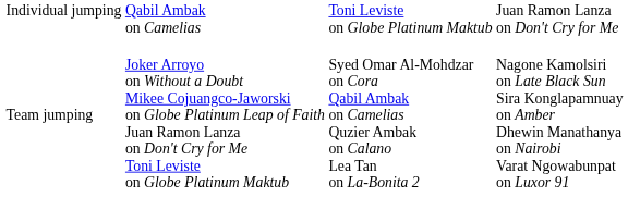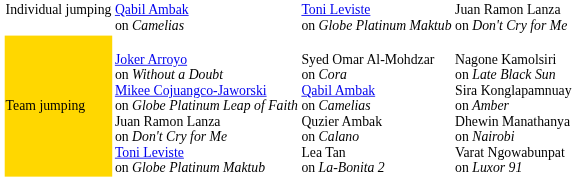 <table>
 <tr>
 <td>Individual jumping</td>
 <td><br><a href='#'>Qabil Ambak</a> <br> on <em>Camelias</em></td>
 <td nowrap><br><a href='#'>Toni Leviste</a> <br> on <em>Globe Platinum Maktub</em></td>
 <td><br>Juan Ramon Lanza<br> on <em>Don't Cry for Me</em></td>
 </tr>
 <tr>
-<td>Team jumping</td>
+<td style="background: gold;">Team jumping</td>
 <td nowrap> <br> <a href='#'>Joker Arroyo</a> <br> on <em>Without a Doubt</em><br> <a href='#'>Mikee Cojuangco-Jaworski</a> <br> on <em>Globe Platinum Leap of Faith</em><br> Juan Ramon Lanza <br> on <em>Don't Cry for Me</em><br> <a href='#'>Toni Leviste</a> <br>on <em>Globe Platinum Maktub</em></td>
 <td> <br> Syed Omar Al-Mohdzar <br>on <em>Cora</em><br> <a href='#'>Qabil Ambak</a><br>on <em>Camelias</em><br> Quzier Ambak<br>on <em>Calano</em><br> Lea Tan <br>on <em>La-Bonita 2</em><br></td>
 <td nowrap> <br> Nagone Kamolsiri <br>on <em>Late Black Sun</em><br> Sira Konglapamnuay <br>on <em>Amber</em><br> Dhewin Manathanya <br>on <em>Nairobi</em><br> Varat Ngowabunpat <br>on <em>Luxor 91</em></td>
 </tr>
 </table>
